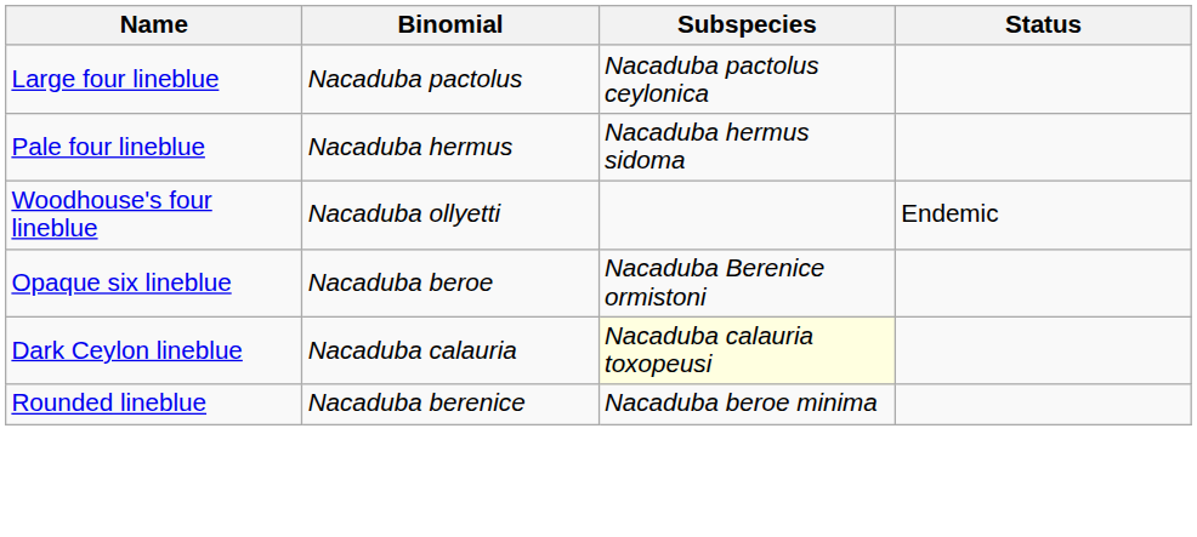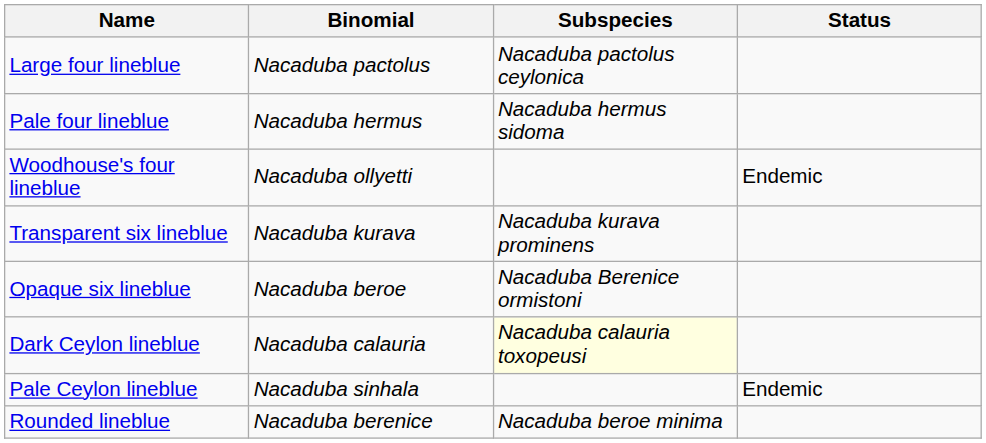 <table width=60% class="wikitable">
 <tr>
 <th width=20%>Name</th>
 <th width=20%>Binomial</th>
 <th width=20%>Subspecies</th>
 <th width=20%>Status</th>
 </tr>
 <tr>
 <td><a href='#'>Large four lineblue</a><br> </td>
 <td><em>Nacaduba pactolus</em></td>
 <td><em>Nacaduba pactolus ceylonica</em></td>
 <td></td>
 </tr>
 <tr>
 <td><a href='#'>Pale four lineblue</a><br> </td>
 <td><em>Nacaduba hermus</em></td>
 <td><em>Nacaduba hermus sidoma</em></td>
 <td></td>
 </tr>
 <tr>
 <td><a href='#'>Woodhouse's four lineblue</a></td>
 <td><em>Nacaduba ollyetti</em></td>
 <td></td>
 <td>Endemic</td>
 </tr>
 <tr>
+<td><a href='#'>Transparent six lineblue</a><br>  </td>
+<td><em>Nacaduba kurava</em></td>
+<td><em>Nacaduba kurava prominens</em></td>
+<td></td>
+</tr>
+<tr>
 <td><a href='#'>Opaque six lineblue</a><br>  </td>
 <td><em>Nacaduba beroe</em></td>
 <td><em>Nacaduba Berenice ormistoni</em></td>
 <td></td>
 </tr>
 <tr>
 <td><a href='#'>Dark Ceylon lineblue</a><br> </td>
 <td><em>Nacaduba calauria</em></td>
 <td style="background: lightyellow;"><em>Nacaduba calauria toxopeusi</em></td>
 <td></td>
 </tr>
 <tr>
+<td><a href='#'>Pale Ceylon lineblue</a></td>
+<td><em>Nacaduba sinhala</em></td>
+<td></td>
+<td>Endemic</td>
+</tr>
+<tr>
 <td><a href='#'>Rounded lineblue</a><br></td>
 <td><em>Nacaduba berenice</em></td>
 <td><em>Nacaduba beroe minima</em></td>
 <td></td>
 </tr>
 </table>
